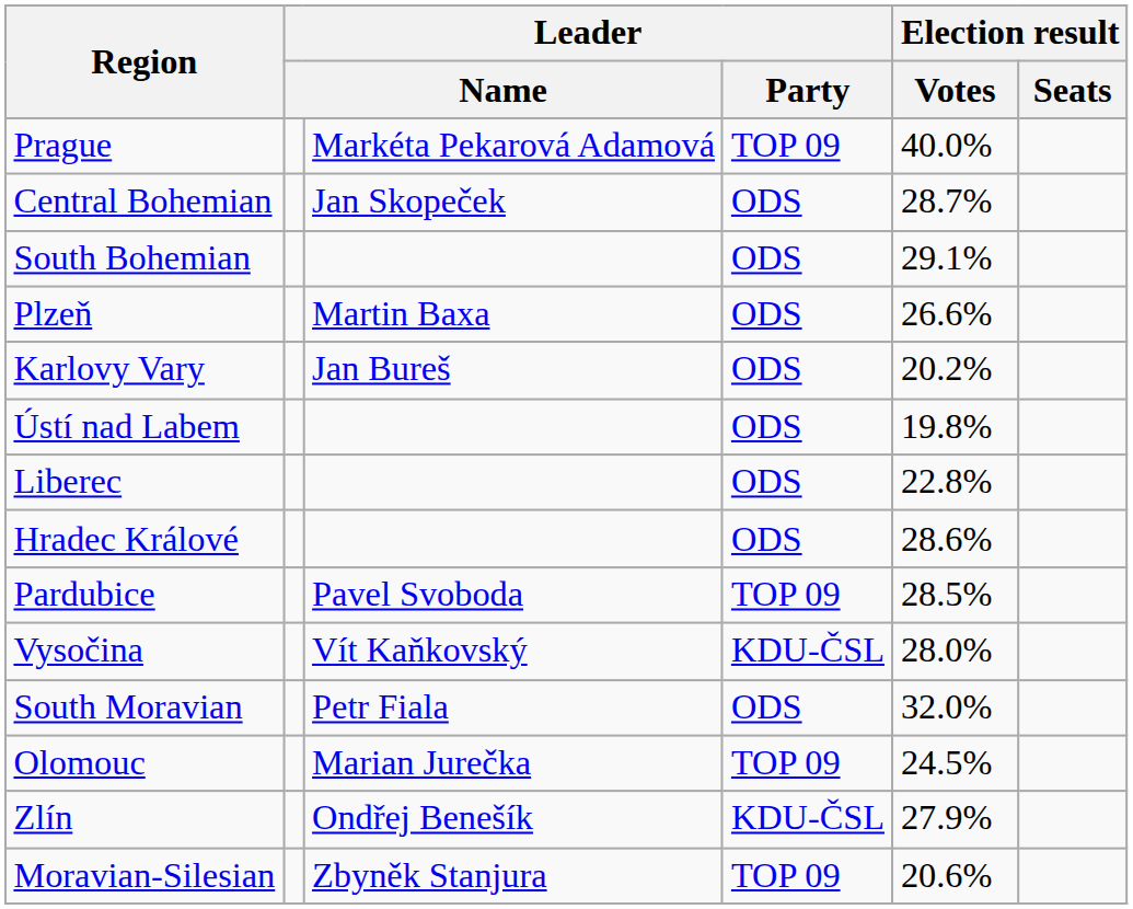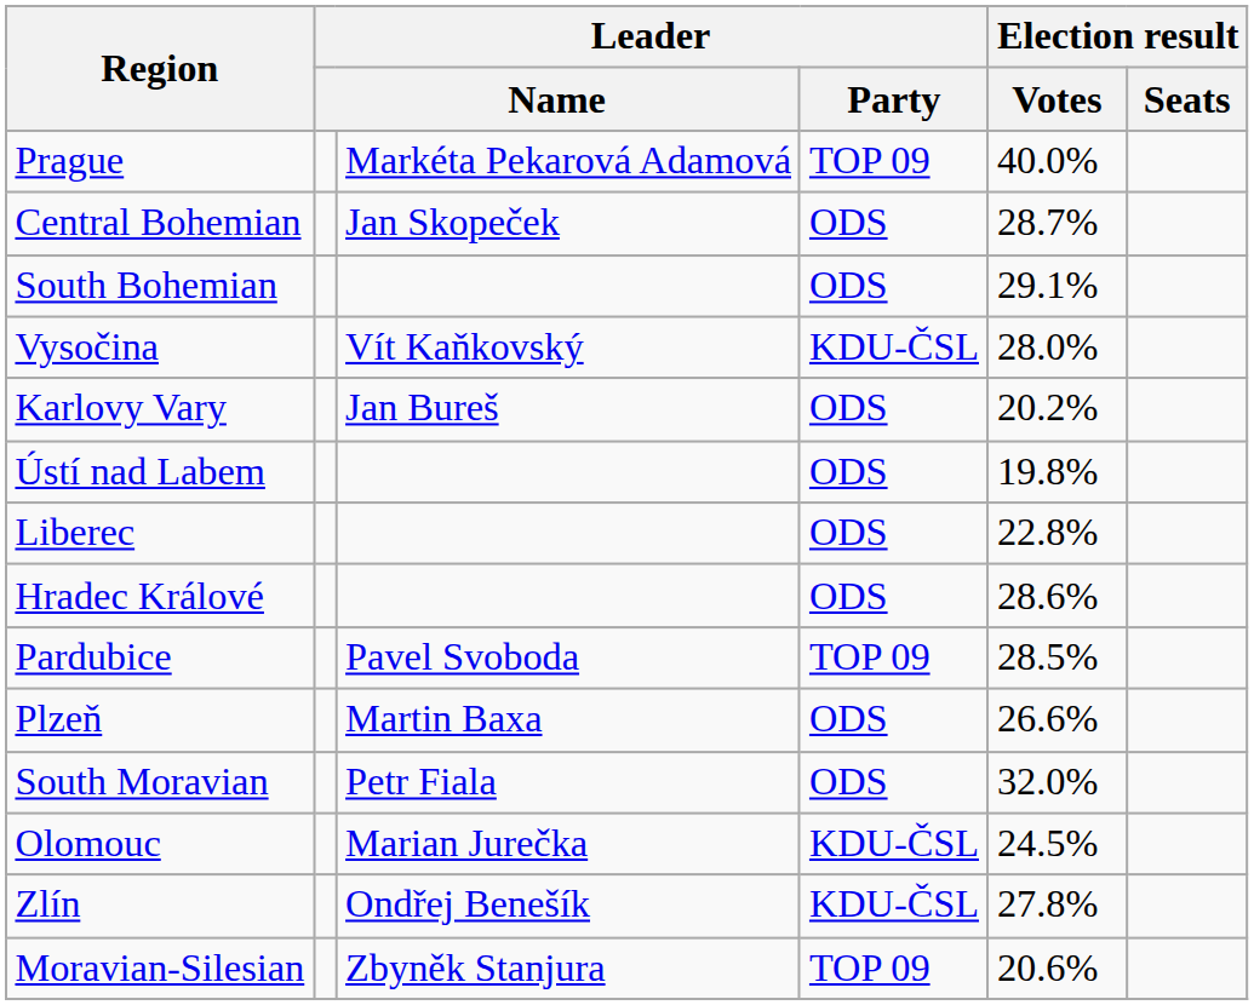 <table class="wikitable">
 <tr>
 <th rowspan=2>Region</th>
 <th colspan=3>Leader</th>
 <th colspan=2>Election result</th>
 </tr>
 <tr>
 <th colspan=2>Name</th>
 <th>Party</th>
 <th>Votes</th>
 <th>Seats</th>
 </tr>
 <tr>
 <td><a href='#'>Prague</a></td>
 <td style="width:2px;background:"></td>
 <td><a href='#'>Markéta Pekarová Adamová</a></td>
 <td><a href='#'>TOP 09</a></td>
 <td>40.0%</td>
 <td></td>
 </tr>
 <tr>
 <td><a href='#'>Central Bohemian</a></td>
 <td style="width:2px;background:"></td>
 <td><a href='#'>Jan Skopeček</a></td>
 <td><a href='#'>ODS</a></td>
 <td>28.7%</td>
 <td></td>
 </tr>
 <tr>
 <td><a href='#'>South Bohemian</a></td>
 <td style="width:2px;background:"></td>
 <td></td>
 <td><a href='#'>ODS</a></td>
 <td>29.1%</td>
 <td></td>
 </tr>
 <tr>
-<td><a href='#'>Plzeň</a></td>
+<td><a href='#'>Vysočina</a></td>
 <td style="width:2px;background:"></td>
-<td><a href='#'>Martin Baxa</a></td>
-<td><a href='#'>ODS</a></td>
-<td>26.6%</td>
+<td><a href='#'>Vít Kaňkovský</a></td>
+<td><a href='#'>KDU-ČSL</a></td>
+<td>28.0%</td>
 <td></td>
 </tr>
 <tr>
 <td><a href='#'>Karlovy Vary</a></td>
 <td style="width:2px;background:"></td>
 <td><a href='#'>Jan Bureš</a></td>
 <td><a href='#'>ODS</a></td>
 <td>20.2%</td>
 <td></td>
 </tr>
 <tr>
 <td><a href='#'>Ústí nad Labem</a></td>
 <td style="width:2px;background:"></td>
 <td></td>
 <td><a href='#'>ODS</a></td>
 <td>19.8%</td>
 <td></td>
 </tr>
 <tr>
 <td><a href='#'>Liberec</a></td>
 <td style="width:2px;background:"></td>
 <td></td>
 <td><a href='#'>ODS</a></td>
 <td>22.8%</td>
 <td></td>
 </tr>
 <tr>
 <td><a href='#'>Hradec Králové</a></td>
 <td style="width:2px;background:"></td>
 <td></td>
 <td><a href='#'>ODS</a></td>
 <td>28.6%</td>
 <td></td>
 </tr>
 <tr>
 <td><a href='#'>Pardubice</a></td>
 <td style="width:2px;background:"></td>
 <td><a href='#'>Pavel Svoboda</a></td>
 <td><a href='#'>TOP 09</a></td>
 <td>28.5%</td>
 <td></td>
 </tr>
 <tr>
-<td><a href='#'>Vysočina</a></td>
+<td><a href='#'>Plzeň</a></td>
 <td style="width:2px;background:"></td>
-<td><a href='#'>Vít Kaňkovský</a></td>
-<td><a href='#'>KDU-ČSL</a></td>
-<td>28.0%</td>
+<td><a href='#'>Martin Baxa</a></td>
+<td><a href='#'>ODS</a></td>
+<td>26.6%</td>
 <td></td>
 </tr>
 <tr>
 <td><a href='#'>South Moravian</a></td>
 <td style="width:2px;background:"></td>
 <td><a href='#'>Petr Fiala</a></td>
 <td><a href='#'>ODS</a></td>
 <td>32.0%</td>
 <td></td>
 </tr>
 <tr>
 <td><a href='#'>Olomouc</a></td>
 <td style="width:2px;background:"></td>
 <td><a href='#'>Marian Jurečka</a></td>
-<td><a href='#'>TOP 09</a></td>
+<td><a href='#'>KDU-ČSL</a></td>
 <td>24.5%</td>
 <td></td>
 </tr>
 <tr>
 <td><a href='#'>Zlín</a></td>
 <td style="width:2px;background:"></td>
 <td><a href='#'>Ondřej Benešík</a></td>
 <td><a href='#'>KDU-ČSL</a></td>
-<td>27.9%</td>
+<td>27.8%</td>
 <td></td>
 </tr>
 <tr>
 <td><a href='#'>Moravian-Silesian</a></td>
 <td style="width:2px;background:"></td>
 <td><a href='#'>Zbyněk Stanjura</a></td>
 <td><a href='#'>TOP 09</a></td>
 <td>20.6%</td>
 <td></td>
 </tr>
 <tr>
 </tr>
 </table>
